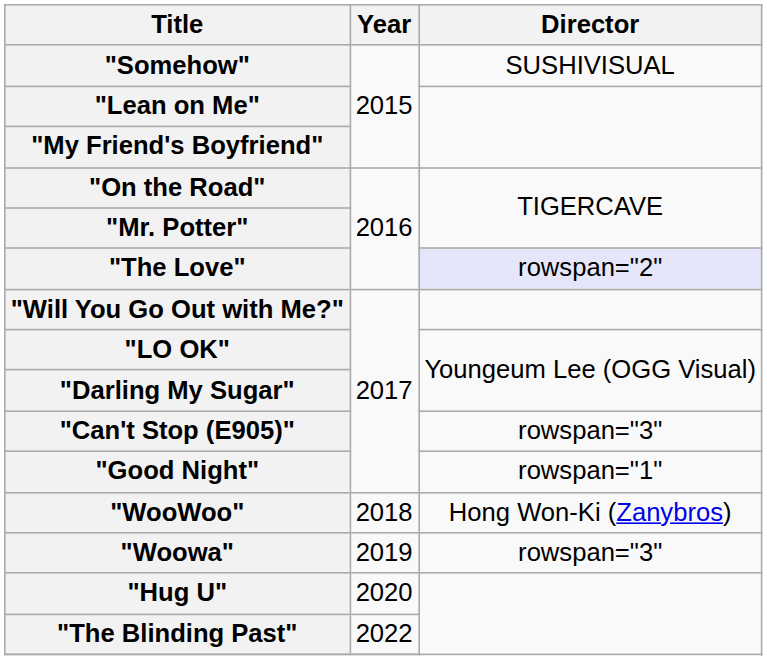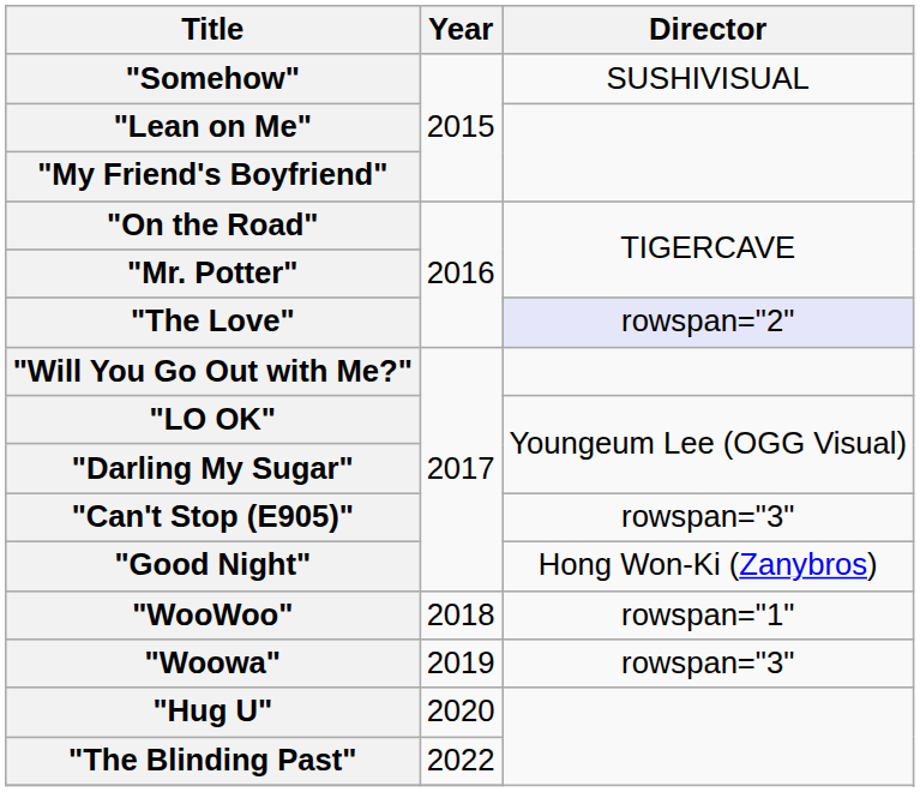 <table class="wikitable plainrowheaders" style="text-align:center;">
 <tr>
 <th>Title</th>
 <th>Year</th>
 <th>Director</th>
 </tr>
 <tr>
 <th scope="row">"Somehow"</th>
 <td rowspan="3">2015</td>
 <td rowspan="1">SUSHIVISUAL</td>
 </tr>
 <tr>
 <th scope="row">"Lean on Me"<br></th>
 </tr>
 <tr>
 <th scope="row">"My Friend's Boyfriend"</th>
 </tr>
 <tr>
 <th scope="row">"On the Road"</th>
 <td rowspan="3">2016</td>
 <td rowspan="2">TIGERCAVE</td>
 </tr>
 <tr>
 <th scope="row">"Mr. Potter"</th>
 </tr>
 <tr>
 <th scope="row">"The Love"</th>
 <td style="background: lavender;">rowspan="2" </td>
 </tr>
 <tr>
 <th scope="row">"Will You Go Out with Me?"</th>
 <td rowspan="5">2017</td>
 </tr>
 <tr>
 <th scope="row">"LO OK"<br></th>
 <td rowspan="2">Youngeum Lee (OGG Visual)</td>
 </tr>
 <tr>
 <th scope="row">"Darling My Sugar"<br></th>
 </tr>
 <tr>
 <th scope="row">"Can't Stop (E905)"</th>
 <td>rowspan="3" </td>
 </tr>
 <tr>
 <th scope="row">"Good Night"</th>
-<td>rowspan="1" </td>
+<td>Hong Won-Ki (<a href='#'>Zanybros</a>)</td>
 </tr>
 <tr>
 <th scope="row">"WooWoo"</th>
 <td>2018</td>
-<td>Hong Won-Ki (<a href='#'>Zanybros</a>)</td>
+<td>rowspan="1" </td>
 </tr>
 <tr>
 <th scope="row">"Woowa"</th>
 <td>2019</td>
 <td>rowspan="3" </td>
 </tr>
 <tr>
 <th scope="row">"Hug U"</th>
 <td>2020</td>
 </tr>
 <tr>
 <th scope="row">"The Blinding Past"</th>
 <td>2022</td>
 </tr>
 <tr>
 </tr>
 </table>
